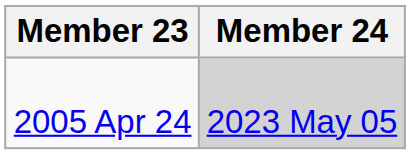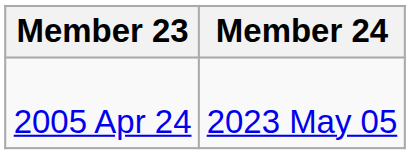 <table class=wikitable align=right>
 <tr>
 <th>Member 23</th>
 <th>Member 24</th>
 </tr>
 <tr>
 <td><br><a href='#'>2005 Apr 24</a></td>
-<td style="background: lightgrey;"><br><a href='#'>2023 May 05</a></td>
+<td><br><a href='#'>2023 May 05</a></td>
 </tr>
 </table>
